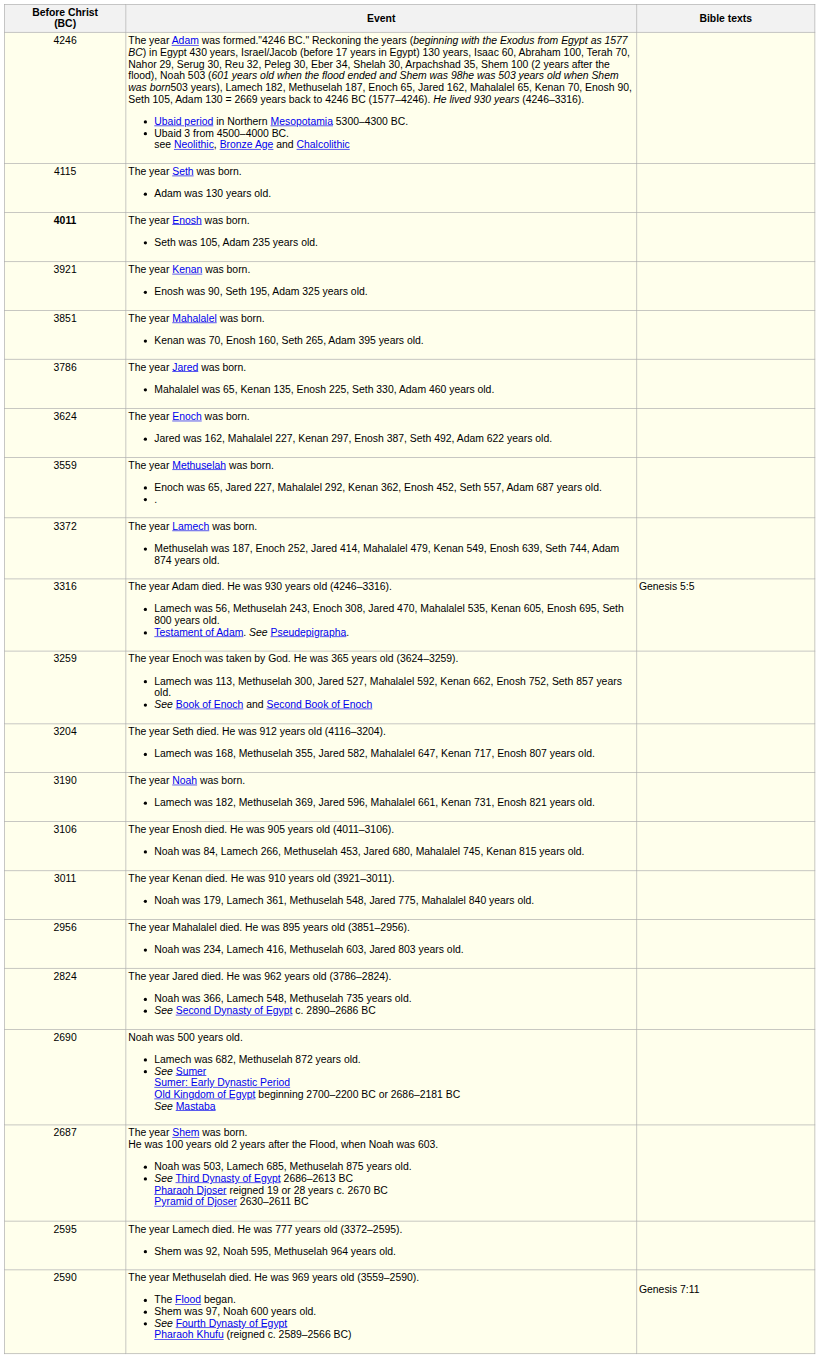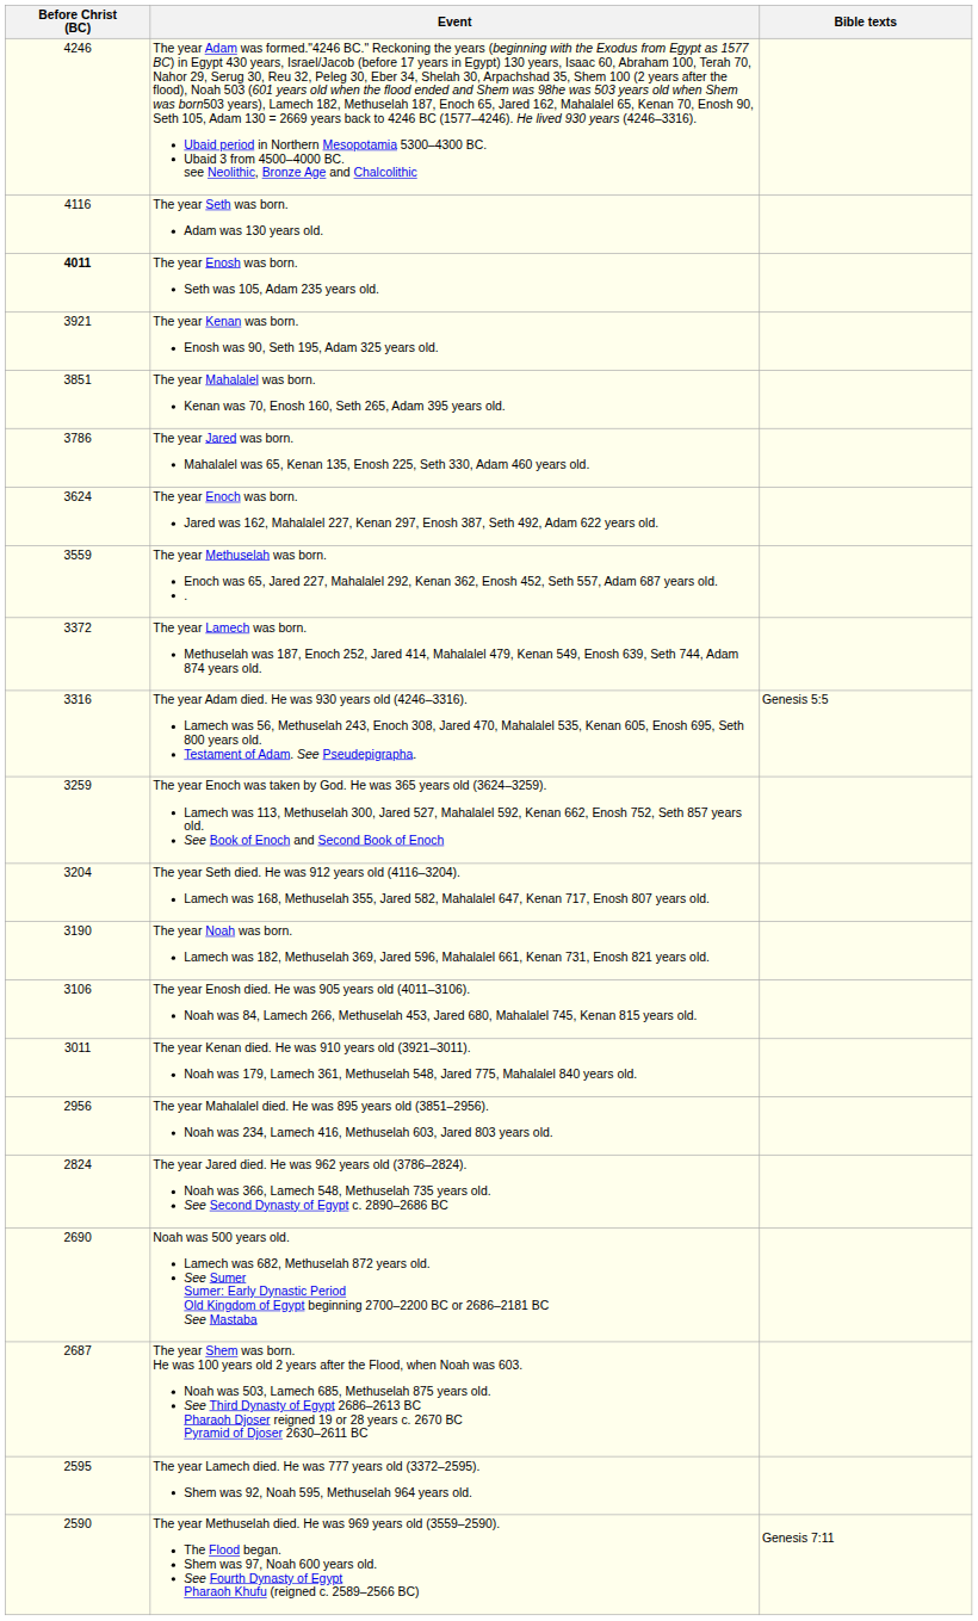 <table class="wikitable" style="align:center;">
 <tr>
 <th style="width:15%;">Before Christ<br>(BC)</th>
 <th style="width:63%;">Event</th>
 <th style="width:22%;">Bible texts</th>
 </tr>
 <tr style="text-align:left; background:#ffffec; vertical-align:top;">
 <td style="text-align:center;">4246 <br> </td>
 <td>The year <a href='#'>Adam</a> was formed."4246 BC." Reckoning the years (<em>beginning with the Exodus from Egypt as 1577 BC</em>) in Egypt 430 years, Israel/Jacob (before 17 years in Egypt) 130 years, Isaac 60, Abraham 100, Terah 70, Nahor 29, Serug 30, Reu 32, Peleg 30, Eber 34, Shelah 30, Arpachshad 35, Shem 100 (2 years after the flood), Noah 503 (<em>601 years old when the flood ended and Shem was 98he was 503 years old when Shem was born</em>503 years), Lamech 182, Methuselah 187, Enoch 65, Jared 162, Mahalalel 65, Kenan 70, Enosh 90, Seth 105, Adam 130 = 2669 years back to 4246 BC (1577–4246). <em>He lived 930 years</em> (4246–3316).<br><ul><li><a href='#'>Ubaid period</a> in Northern <a href='#'>Mesopotamia</a> 5300–4300 BC.</li><li>Ubaid 3 from 4500–4000 BC. <br> see <a href='#'>Neolithic</a>, <a href='#'>Bronze Age</a> and <a href='#'>Chalcolithic</a></li></ul></td>
 <td> <br> </td>
 </tr>
 <tr style="text-align:left; background:#ffffec; vertical-align:top;">
-<td style="text-align:center;">4115 <br> </td>
+<td style="text-align:center;">4116 <br> </td>
 <td>The year <a href='#'>Seth</a> was born.<br><ul><li>Adam was 130 years old.</li></ul></td>
 <td></td>
 </tr>
 <tr style="text-align:left; background:#ffffec; vertical-align:top;">
 <td style="text-align:center;"><strong>4011 <br> </strong></td>
 <td>The year <a href='#'>Enosh</a> was born.<br><ul><li>Seth was 105, Adam 235 years old.</li></ul></td>
 <td></td>
 </tr>
 <tr style="text-align:left; background:#ffffec; vertical-align:top;">
 <td style="text-align:center;">3921</td>
 <td>The year <a href='#'>Kenan</a> was born.<br><ul><li>Enosh was 90, Seth 195, Adam 325 years old.</li></ul></td>
 <td></td>
 </tr>
 <tr style="text-align:left; background:#ffffec; vertical-align:top;">
 <td style="text-align:center;">3851</td>
 <td>The year <a href='#'>Mahalalel</a> was born.<br><ul><li>Kenan was 70, Enosh 160, Seth 265, Adam 395 years old.</li></ul></td>
 <td></td>
 </tr>
 <tr style="text-align:left; background:#ffffec; vertical-align:top;">
 <td style="text-align:center;">3786</td>
 <td>The year <a href='#'>Jared</a> was born.<br><ul><li>Mahalalel was 65, Kenan 135, Enosh 225, Seth 330, Adam 460 years old.</li></ul></td>
 <td></td>
 </tr>
 <tr style="text-align:left; background:#ffffec; vertical-align:top;">
 <td style="text-align:center;">3624</td>
 <td>The year <a href='#'>Enoch</a> was born.<br><ul><li>Jared was 162, Mahalalel 227, Kenan 297, Enosh 387, Seth 492, Adam 622 years old.</li></ul></td>
 <td></td>
 </tr>
 <tr style="text-align:left; background:#ffffec; vertical-align:top;">
 <td style="text-align:center;">3559</td>
 <td>The year <a href='#'>Methuselah</a> was born.<br><ul><li>Enoch was 65, Jared 227, Mahalalel 292, Kenan 362, Enosh 452, Seth 557, Adam 687 years old.</li><li>.</li></ul></td>
 <td></td>
 </tr>
 <tr style="text-align:left; background:#ffffec; vertical-align:top;">
 <td style="text-align:center;">3372</td>
 <td>The year <a href='#'>Lamech</a> was born.<br><ul><li>Methuselah was 187, Enoch 252, Jared 414, Mahalalel 479, Kenan 549, Enosh 639, Seth 744, Adam 874 years old.</li></ul></td>
 <td></td>
 </tr>
 <tr style="text-align:left; background:#ffffec; vertical-align:top;">
 <td style="text-align:center;">3316</td>
 <td>The year Adam died. He was 930 years old (4246–3316).<br><ul><li>Lamech was 56, Methuselah 243, Enoch 308, Jared 470, Mahalalel 535, Kenan 605, Enosh 695, Seth 800 years old.</li><li><a href='#'>Testament of Adam</a>. <em>See</em> <a href='#'>Pseudepigrapha</a>.</li></ul></td>
 <td>Genesis 5:5</td>
 </tr>
 <tr style="text-align:left; background:#ffffec; vertical-align:top;">
 <td style="text-align:center;">3259 <br> </td>
 <td>The year Enoch was taken by God. He was 365 years old (3624–3259).<br><ul><li>Lamech was 113, Methuselah 300, Jared 527, Mahalalel 592, Kenan 662, Enosh 752, Seth 857 years old.</li><li><em>See</em> <a href='#'>Book of Enoch</a> and <a href='#'>Second Book of Enoch</a></li></ul></td>
 <td></td>
 </tr>
 <tr style="text-align:left; background:#ffffec; vertical-align:top;">
 <td style="text-align:center;">3204</td>
 <td>The year Seth died. He was 912 years old (4116–3204).<br><ul><li>Lamech was 168, Methuselah 355, Jared 582, Mahalalel 647, Kenan 717, Enosh 807 years old.</li></ul></td>
 <td></td>
 </tr>
 <tr style="text-align:left; background:#ffffec; vertical-align:top;">
 <td style="text-align:center;">3190 <br> </td>
 <td>The year <a href='#'>Noah</a> was born.<br><ul><li>Lamech was 182, Methuselah 369, Jared 596, Mahalalel 661, Kenan 731, Enosh 821 years old.</li></ul></td>
 <td></td>
 </tr>
 <tr style="text-align:left; background:#ffffec; vertical-align:top;">
 <td style="text-align:center;">3106</td>
 <td>The year Enosh died. He was 905 years old (4011–3106).<br><ul><li>Noah was 84, Lamech 266, Methuselah 453, Jared 680, Mahalalel 745, Kenan 815 years old.</li></ul></td>
 <td></td>
 </tr>
 <tr style="text-align:left; background:#ffffec; vertical-align:top;">
 <td style="text-align:center;">3011</td>
 <td>The year Kenan died. He was 910 years old (3921–3011).<br><ul><li>Noah was 179, Lamech 361, Methuselah 548, Jared 775, Mahalalel 840 years old.</li></ul></td>
 <td></td>
 </tr>
 <tr style="text-align:left; background:#ffffec; vertical-align:top;">
 <td style="text-align:center;">2956</td>
 <td>The year Mahalalel died. He was 895 years old (3851–2956).<br><ul><li>Noah was 234, Lamech 416, Methuselah 603, Jared 803 years old.</li></ul></td>
 <td></td>
 </tr>
 <tr style="text-align:left; background:#ffffec; vertical-align:top;">
 <td style="text-align:center;">2824</td>
 <td>The year Jared died. He was 962 years old (3786–2824).<br><ul><li>Noah was 366, Lamech 548, Methuselah 735 years old.</li><li><em>See</em> <a href='#'>Second Dynasty of Egypt</a> c. 2890–2686 BC <br> </li></ul></td>
 <td></td>
 </tr>
 <tr style="text-align:left; background:#ffffec; vertical-align:top;">
 <td style="text-align:center;">2690</td>
 <td>Noah was 500 years old.<br><ul><li>Lamech was 682, Methuselah 872 years old.</li><li><em>See</em> <a href='#'>Sumer</a> <br> <a href='#'>Sumer: Early Dynastic Period</a> <br> <a href='#'>Old Kingdom of Egypt</a> beginning 2700–2200 BC or 2686–2181 BC <br> <em>See</em> <a href='#'>Mastaba</a></li></ul></td>
 <td></td>
 </tr>
 <tr style="text-align:left; background:#ffffec; vertical-align:top;">
 <td style="text-align:center;">2687</td>
 <td>The year <a href='#'>Shem</a> was born. <br> He was 100 years old 2 years after the Flood, when Noah was 603.<br><ul><li>Noah was 503, Lamech 685, Methuselah 875 years old.</li><li><em>See</em> <a href='#'>Third Dynasty of Egypt</a> 2686–2613 BC <br> <a href='#'>Pharaoh Djoser</a> reigned 19 or 28 years c. 2670 BC <br> <a href='#'>Pyramid of Djoser</a> 2630–2611 BC</li></ul></td>
 <td> <br>  <br> </td>
 </tr>
 <tr style="text-align:left; background:#ffffec; vertical-align:top;">
 <td style="text-align:center;">2595</td>
 <td>The year Lamech died. He was 777 years old (3372–2595).<br><ul><li>Shem was 92, Noah 595, Methuselah 964 years old.</li></ul></td>
 <td></td>
 </tr>
 <tr style="text-align:left; background:#ffffec; vertical-align:top;">
 <td style="text-align:center;">2590 <br> </td>
 <td>The year Methuselah died. He was 969 years old (3559–2590).<br><ul><li>The <a href='#'>Flood</a> began.</li><li>Shem was 97, Noah 600 years old.</li><li><em>See</em> <a href='#'>Fourth Dynasty of Egypt</a> <br> <a href='#'>Pharaoh Khufu</a> (reigned c. 2589–2566 BC)</li></ul></td>
 <td> <br> Genesis 7:11</td>
 </tr>
 </table>
